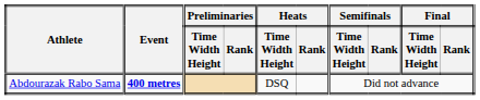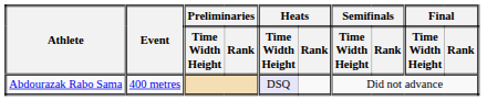 <table class=wikitable style="font-size:90%; border: double;">
 <tr>
 <th rowspan="2" style="border-right:double">Athlete</th>
 <th rowspan="2" style="border-right:double">Event</th>
 <th colspan="2" style="border-right:double; border-bottom:double;">Preliminaries</th>
 <th colspan="2" style="border-right:double; border-bottom:double;">Heats</th>
 <th colspan="2" style="border-right:double; border-bottom:double;">Semifinals</th>
 <th colspan="2" style="border-right:double; border-bottom:double;">Final</th>
 </tr>
 <tr>
 <th>Time<br>Width<br>Height</th>
 <th style="border-right:double">Rank</th>
 <th>Time<br>Width<br>Height</th>
 <th style="border-right:double">Rank</th>
 <th>Time<br>Width<br>Height</th>
 <th style="border-right:double">Rank</th>
 <th>Time<br>Width<br>Height</th>
 <th style="border-right:double">Rank</th>
 </tr>
 <tr style="border-top: double;">
 <td style="border-right:double"><a href='#'>Abdourazak Rabo Sama</a></td>
-<td style="border-right:double"><strong><a href='#'>400 metres</a></strong></td>
+<td style="border-right:double"><a href='#'>400 metres</a></td>
 <td style="border-right:double" colspan= 2 bgcolor="wheat"></td>
-<td align=center>DSQ</td>
+<td align=center style="background: lavender;">DSQ</td>
 <td align=center style="border-right:double"></td>
 <td colspan="4" align=center>Did not advance</td>
 </tr>
 </table>
